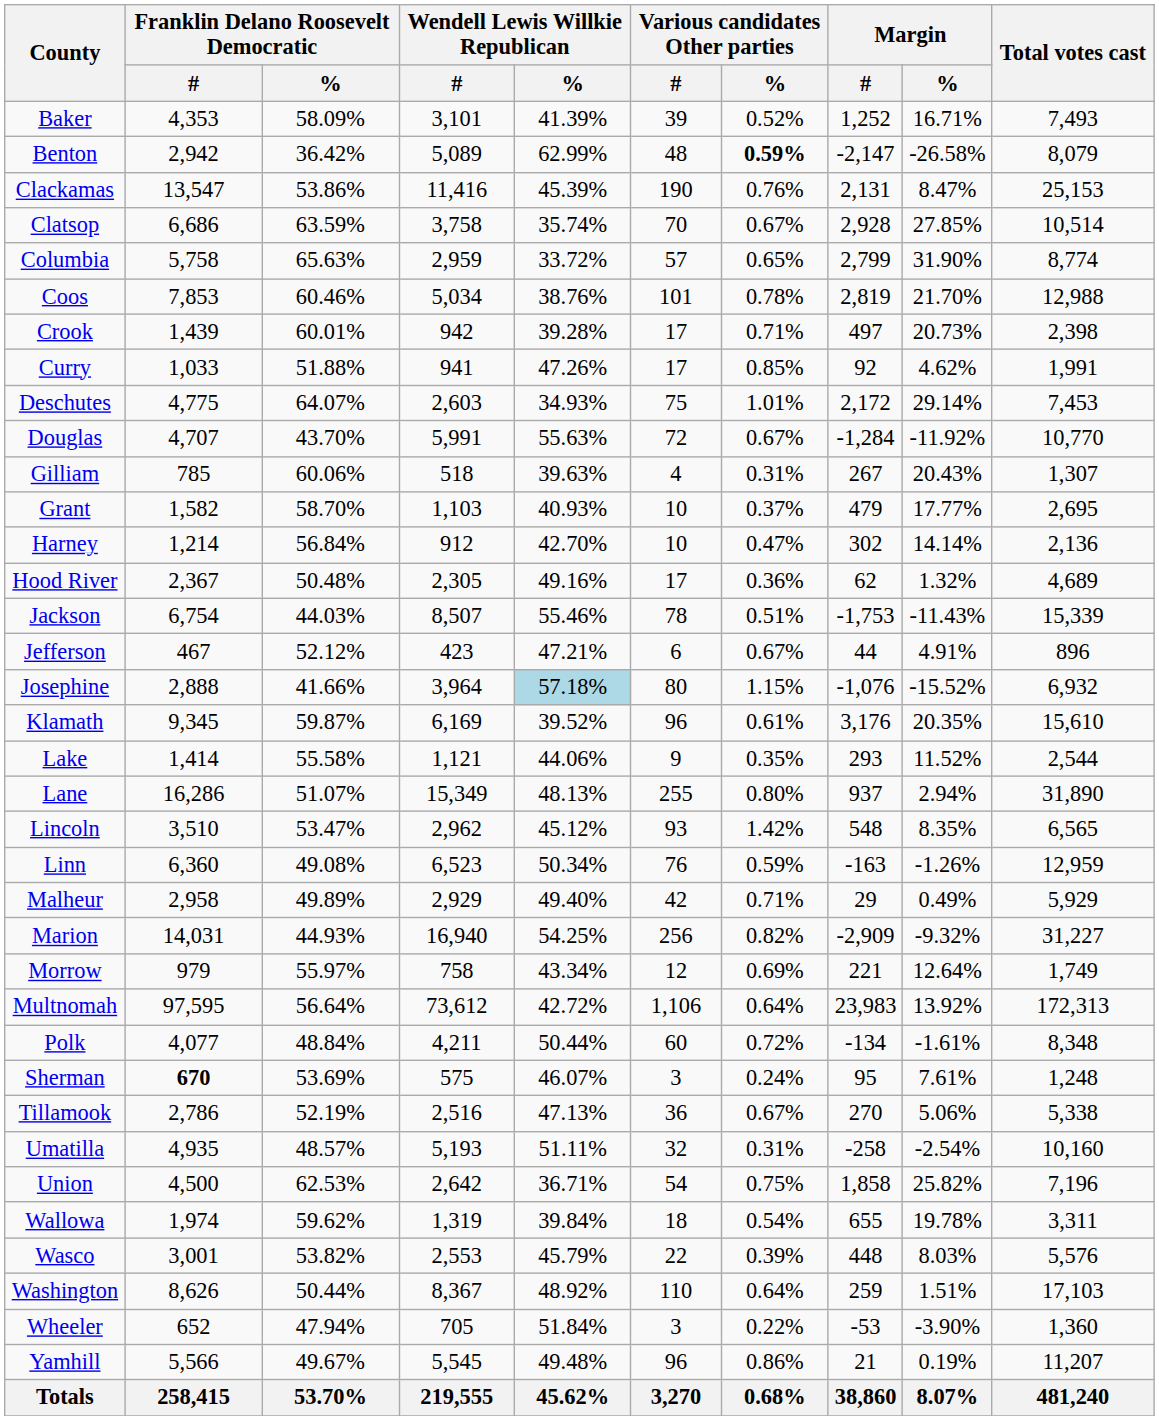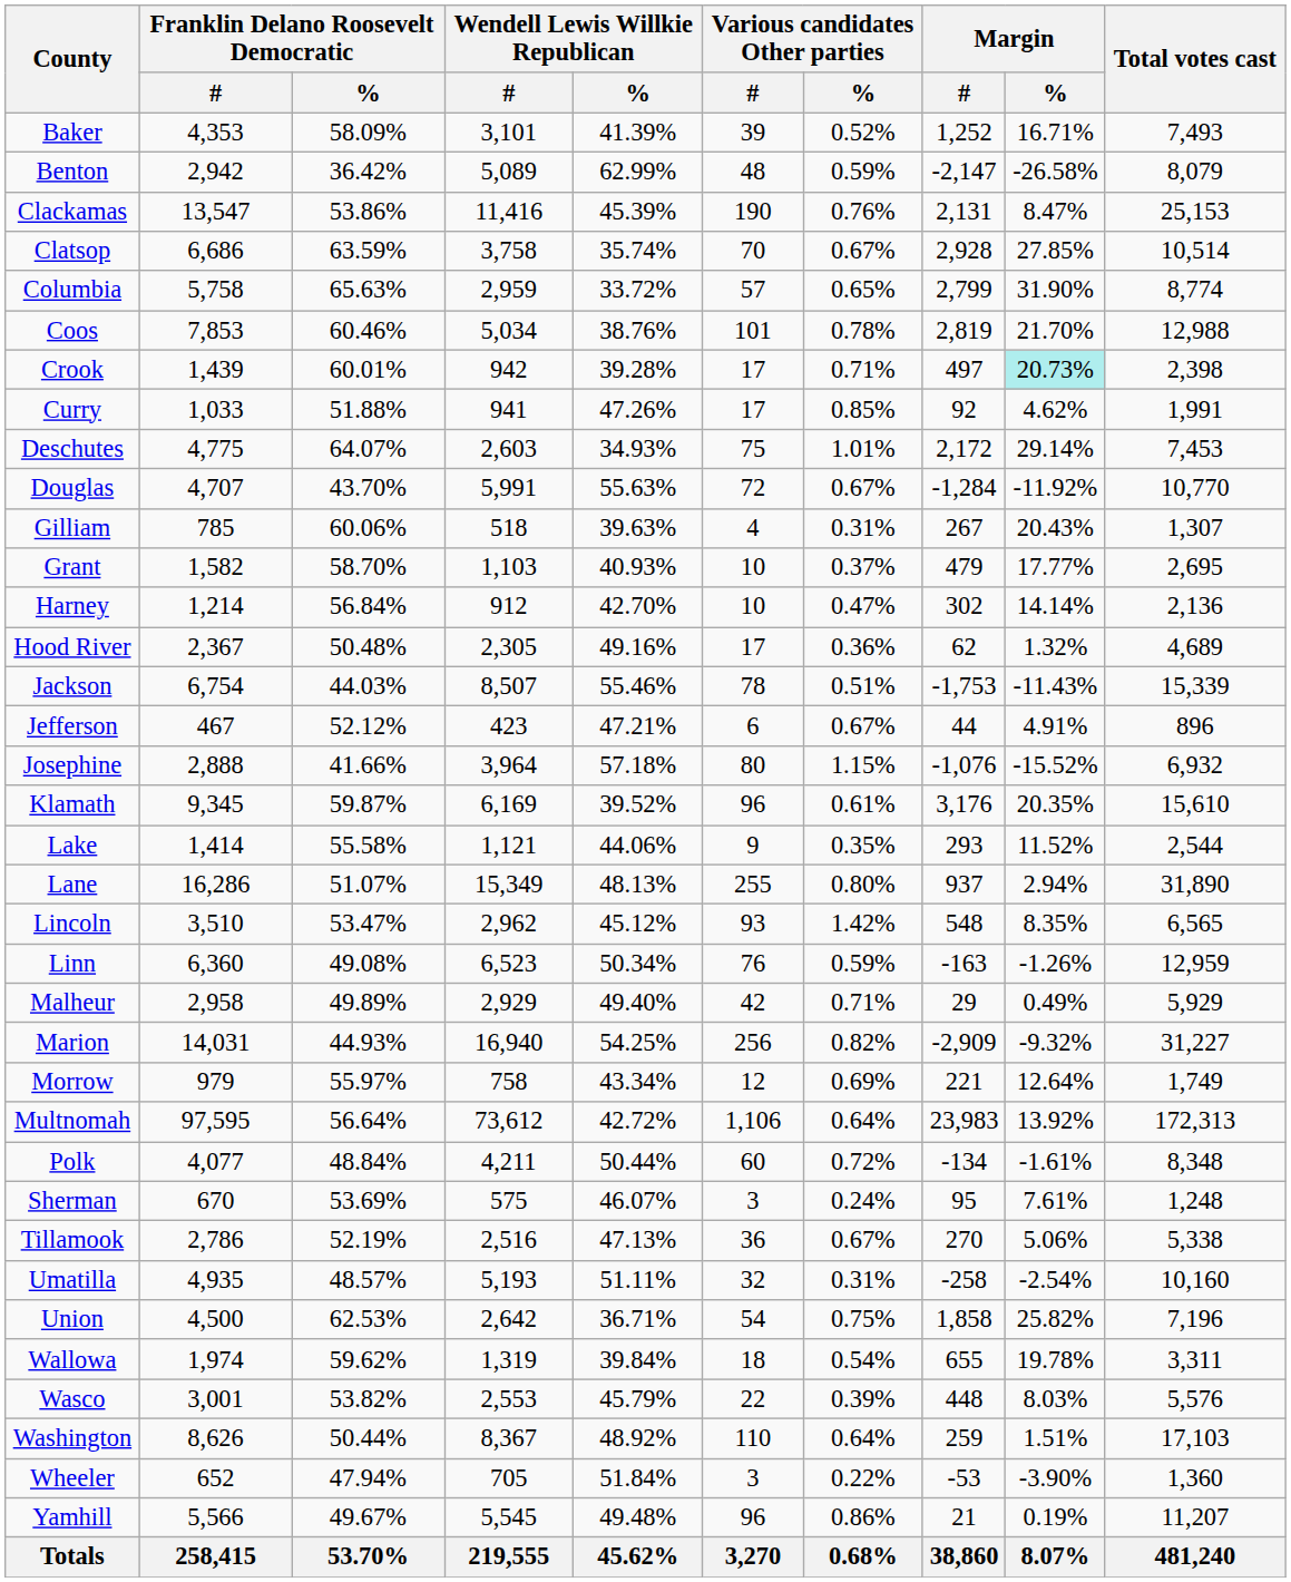 <table width="65%"  class="wikitable sortable" style="text-align:center">
 <tr>
 <th style="text-align:center;" rowspan="2">County</th>
 <th style="text-align:center;" colspan="2">Franklin Delano Roosevelt<br>Democratic</th>
 <th style="text-align:center;" colspan="2">Wendell Lewis Willkie<br>Republican</th>
 <th style="text-align:center;" colspan="2">Various candidates<br>Other parties</th>
 <th style="text-align:center;" colspan="2">Margin</th>
 <th style="text-align:center;" rowspan="2">Total votes cast</th>
 </tr>
 <tr>
 <th style="text-align:center;" data-sort-type="number">#</th>
 <th style="text-align:center;" data-sort-type="number">%</th>
 <th style="text-align:center;" data-sort-type="number">#</th>
 <th style="text-align:center;" data-sort-type="number">%</th>
 <th style="text-align:center;" data-sort-type="number">#</th>
 <th style="text-align:center;" data-sort-type="number">%</th>
 <th style="text-align:center;" data-sort-type="number">#</th>
 <th style="text-align:center;" data-sort-type="number">%</th>
 </tr>
 <tr style="text-align:center;">
 <td><a href='#'>Baker</a></td>
 <td>4,353</td>
 <td>58.09%</td>
 <td>3,101</td>
 <td>41.39%</td>
 <td>39</td>
 <td>0.52%</td>
 <td>1,252</td>
 <td>16.71%</td>
 <td>7,493</td>
 </tr>
 <tr style="text-align:center;">
 <td><a href='#'>Benton</a></td>
 <td>2,942</td>
 <td>36.42%</td>
 <td>5,089</td>
 <td>62.99%</td>
 <td>48</td>
-<td><strong>0.59%</strong></td>
+<td>0.59%</td>
 <td>-2,147</td>
 <td>-26.58%</td>
 <td>8,079</td>
 </tr>
 <tr style="text-align:center;">
 <td><a href='#'>Clackamas</a></td>
 <td>13,547</td>
 <td>53.86%</td>
 <td>11,416</td>
 <td>45.39%</td>
 <td>190</td>
 <td>0.76%</td>
 <td>2,131</td>
 <td>8.47%</td>
 <td>25,153</td>
 </tr>
 <tr style="text-align:center;">
 <td><a href='#'>Clatsop</a></td>
 <td>6,686</td>
 <td>63.59%</td>
 <td>3,758</td>
 <td>35.74%</td>
 <td>70</td>
 <td>0.67%</td>
 <td>2,928</td>
 <td>27.85%</td>
 <td>10,514</td>
 </tr>
 <tr style="text-align:center;">
 <td><a href='#'>Columbia</a></td>
 <td>5,758</td>
 <td>65.63%</td>
 <td>2,959</td>
 <td>33.72%</td>
 <td>57</td>
 <td>0.65%</td>
 <td>2,799</td>
 <td>31.90%</td>
 <td>8,774</td>
 </tr>
 <tr style="text-align:center;">
 <td><a href='#'>Coos</a></td>
 <td>7,853</td>
 <td>60.46%</td>
 <td>5,034</td>
 <td>38.76%</td>
 <td>101</td>
 <td>0.78%</td>
 <td>2,819</td>
 <td>21.70%</td>
 <td>12,988</td>
 </tr>
 <tr style="text-align:center;">
 <td><a href='#'>Crook</a></td>
 <td>1,439</td>
 <td>60.01%</td>
 <td>942</td>
 <td>39.28%</td>
 <td>17</td>
 <td>0.71%</td>
 <td>497</td>
-<td>20.73%</td>
+<td style="background: paleturquoise;">20.73%</td>
 <td>2,398</td>
 </tr>
 <tr style="text-align:center;">
 <td><a href='#'>Curry</a></td>
 <td>1,033</td>
 <td>51.88%</td>
 <td>941</td>
 <td>47.26%</td>
 <td>17</td>
 <td>0.85%</td>
 <td>92</td>
 <td>4.62%</td>
 <td>1,991</td>
 </tr>
 <tr style="text-align:center;">
 <td><a href='#'>Deschutes</a></td>
 <td>4,775</td>
 <td>64.07%</td>
 <td>2,603</td>
 <td>34.93%</td>
 <td>75</td>
 <td>1.01%</td>
 <td>2,172</td>
 <td>29.14%</td>
 <td>7,453</td>
 </tr>
 <tr style="text-align:center;">
 <td><a href='#'>Douglas</a></td>
 <td>4,707</td>
 <td>43.70%</td>
 <td>5,991</td>
 <td>55.63%</td>
 <td>72</td>
 <td>0.67%</td>
 <td>-1,284</td>
 <td>-11.92%</td>
 <td>10,770</td>
 </tr>
 <tr style="text-align:center;">
 <td><a href='#'>Gilliam</a></td>
 <td>785</td>
 <td>60.06%</td>
 <td>518</td>
 <td>39.63%</td>
 <td>4</td>
 <td>0.31%</td>
 <td>267</td>
 <td>20.43%</td>
 <td>1,307</td>
 </tr>
 <tr style="text-align:center;">
 <td><a href='#'>Grant</a></td>
 <td>1,582</td>
 <td>58.70%</td>
 <td>1,103</td>
 <td>40.93%</td>
 <td>10</td>
 <td>0.37%</td>
 <td>479</td>
 <td>17.77%</td>
 <td>2,695</td>
 </tr>
 <tr style="text-align:center;">
 <td><a href='#'>Harney</a></td>
 <td>1,214</td>
 <td>56.84%</td>
 <td>912</td>
 <td>42.70%</td>
 <td>10</td>
 <td>0.47%</td>
 <td>302</td>
 <td>14.14%</td>
 <td>2,136</td>
 </tr>
 <tr style="text-align:center;">
 <td><a href='#'>Hood River</a></td>
 <td>2,367</td>
 <td>50.48%</td>
 <td>2,305</td>
 <td>49.16%</td>
 <td>17</td>
 <td>0.36%</td>
 <td>62</td>
 <td>1.32%</td>
 <td>4,689</td>
 </tr>
 <tr style="text-align:center;">
 <td><a href='#'>Jackson</a></td>
 <td>6,754</td>
 <td>44.03%</td>
 <td>8,507</td>
 <td>55.46%</td>
 <td>78</td>
 <td>0.51%</td>
 <td>-1,753</td>
 <td>-11.43%</td>
 <td>15,339</td>
 </tr>
 <tr style="text-align:center;">
 <td><a href='#'>Jefferson</a></td>
 <td>467</td>
 <td>52.12%</td>
 <td>423</td>
 <td>47.21%</td>
 <td>6</td>
 <td>0.67%</td>
 <td>44</td>
 <td>4.91%</td>
 <td>896</td>
 </tr>
 <tr style="text-align:center;">
 <td><a href='#'>Josephine</a></td>
 <td>2,888</td>
 <td>41.66%</td>
 <td>3,964</td>
-<td style="background: lightblue;">57.18%</td>
+<td>57.18%</td>
 <td>80</td>
 <td>1.15%</td>
 <td>-1,076</td>
 <td>-15.52%</td>
 <td>6,932</td>
 </tr>
 <tr style="text-align:center;">
 <td><a href='#'>Klamath</a></td>
 <td>9,345</td>
 <td>59.87%</td>
 <td>6,169</td>
 <td>39.52%</td>
 <td>96</td>
 <td>0.61%</td>
 <td>3,176</td>
 <td>20.35%</td>
 <td>15,610</td>
 </tr>
 <tr style="text-align:center;">
 <td><a href='#'>Lake</a></td>
 <td>1,414</td>
 <td>55.58%</td>
 <td>1,121</td>
 <td>44.06%</td>
 <td>9</td>
 <td>0.35%</td>
 <td>293</td>
 <td>11.52%</td>
 <td>2,544</td>
 </tr>
 <tr style="text-align:center;">
 <td><a href='#'>Lane</a></td>
 <td>16,286</td>
 <td>51.07%</td>
 <td>15,349</td>
 <td>48.13%</td>
 <td>255</td>
 <td>0.80%</td>
 <td>937</td>
 <td>2.94%</td>
 <td>31,890</td>
 </tr>
 <tr style="text-align:center;">
 <td><a href='#'>Lincoln</a></td>
 <td>3,510</td>
 <td>53.47%</td>
 <td>2,962</td>
 <td>45.12%</td>
 <td>93</td>
 <td>1.42%</td>
 <td>548</td>
 <td>8.35%</td>
 <td>6,565</td>
 </tr>
 <tr style="text-align:center;">
 <td><a href='#'>Linn</a></td>
 <td>6,360</td>
 <td>49.08%</td>
 <td>6,523</td>
 <td>50.34%</td>
 <td>76</td>
 <td>0.59%</td>
 <td>-163</td>
 <td>-1.26%</td>
 <td>12,959</td>
 </tr>
 <tr style="text-align:center;">
 <td><a href='#'>Malheur</a></td>
 <td>2,958</td>
 <td>49.89%</td>
 <td>2,929</td>
 <td>49.40%</td>
 <td>42</td>
 <td>0.71%</td>
 <td>29</td>
 <td>0.49%</td>
 <td>5,929</td>
 </tr>
 <tr style="text-align:center;">
 <td><a href='#'>Marion</a></td>
 <td>14,031</td>
 <td>44.93%</td>
 <td>16,940</td>
 <td>54.25%</td>
 <td>256</td>
 <td>0.82%</td>
 <td>-2,909</td>
 <td>-9.32%</td>
 <td>31,227</td>
 </tr>
 <tr style="text-align:center;">
 <td><a href='#'>Morrow</a></td>
 <td>979</td>
 <td>55.97%</td>
 <td>758</td>
 <td>43.34%</td>
 <td>12</td>
 <td>0.69%</td>
 <td>221</td>
 <td>12.64%</td>
 <td>1,749</td>
 </tr>
 <tr style="text-align:center;">
 <td><a href='#'>Multnomah</a></td>
 <td>97,595</td>
 <td>56.64%</td>
 <td>73,612</td>
 <td>42.72%</td>
 <td>1,106</td>
 <td>0.64%</td>
 <td>23,983</td>
 <td>13.92%</td>
 <td>172,313</td>
 </tr>
 <tr style="text-align:center;">
 <td><a href='#'>Polk</a></td>
 <td>4,077</td>
 <td>48.84%</td>
 <td>4,211</td>
 <td>50.44%</td>
 <td>60</td>
 <td>0.72%</td>
 <td>-134</td>
 <td>-1.61%</td>
 <td>8,348</td>
 </tr>
 <tr style="text-align:center;">
 <td><a href='#'>Sherman</a></td>
-<td><strong>670</strong></td>
+<td>670</td>
 <td>53.69%</td>
 <td>575</td>
 <td>46.07%</td>
 <td>3</td>
 <td>0.24%</td>
 <td>95</td>
 <td>7.61%</td>
 <td>1,248</td>
 </tr>
 <tr style="text-align:center;">
 <td><a href='#'>Tillamook</a></td>
 <td>2,786</td>
 <td>52.19%</td>
 <td>2,516</td>
 <td>47.13%</td>
 <td>36</td>
 <td>0.67%</td>
 <td>270</td>
 <td>5.06%</td>
 <td>5,338</td>
 </tr>
 <tr style="text-align:center;">
 <td><a href='#'>Umatilla</a></td>
 <td>4,935</td>
 <td>48.57%</td>
 <td>5,193</td>
 <td>51.11%</td>
 <td>32</td>
 <td>0.31%</td>
 <td>-258</td>
 <td>-2.54%</td>
 <td>10,160</td>
 </tr>
 <tr style="text-align:center;">
 <td><a href='#'>Union</a></td>
 <td>4,500</td>
 <td>62.53%</td>
 <td>2,642</td>
 <td>36.71%</td>
 <td>54</td>
 <td>0.75%</td>
 <td>1,858</td>
 <td>25.82%</td>
 <td>7,196</td>
 </tr>
 <tr style="text-align:center;">
 <td><a href='#'>Wallowa</a></td>
 <td>1,974</td>
 <td>59.62%</td>
 <td>1,319</td>
 <td>39.84%</td>
 <td>18</td>
 <td>0.54%</td>
 <td>655</td>
 <td>19.78%</td>
 <td>3,311</td>
 </tr>
 <tr style="text-align:center;">
 <td><a href='#'>Wasco</a></td>
 <td>3,001</td>
 <td>53.82%</td>
 <td>2,553</td>
 <td>45.79%</td>
 <td>22</td>
 <td>0.39%</td>
 <td>448</td>
 <td>8.03%</td>
 <td>5,576</td>
 </tr>
 <tr style="text-align:center;">
 <td><a href='#'>Washington</a></td>
 <td>8,626</td>
 <td>50.44%</td>
 <td>8,367</td>
 <td>48.92%</td>
 <td>110</td>
 <td>0.64%</td>
 <td>259</td>
 <td>1.51%</td>
 <td>17,103</td>
 </tr>
 <tr style="text-align:center;">
 <td><a href='#'>Wheeler</a></td>
 <td>652</td>
 <td>47.94%</td>
 <td>705</td>
 <td>51.84%</td>
 <td>3</td>
 <td>0.22%</td>
 <td>-53</td>
 <td>-3.90%</td>
 <td>1,360</td>
 </tr>
 <tr style="text-align:center;">
 <td><a href='#'>Yamhill</a></td>
 <td>5,566</td>
 <td>49.67%</td>
 <td>5,545</td>
 <td>49.48%</td>
 <td>96</td>
 <td>0.86%</td>
 <td>21</td>
 <td>0.19%</td>
 <td>11,207</td>
 </tr>
 <tr style="text-align:center;">
 <th>Totals</th>
 <th>258,415</th>
 <th>53.70%</th>
 <th>219,555</th>
 <th>45.62%</th>
 <th>3,270</th>
 <th>0.68%</th>
 <th>38,860</th>
 <th>8.07%</th>
 <th>481,240</th>
 </tr>
 </table>
